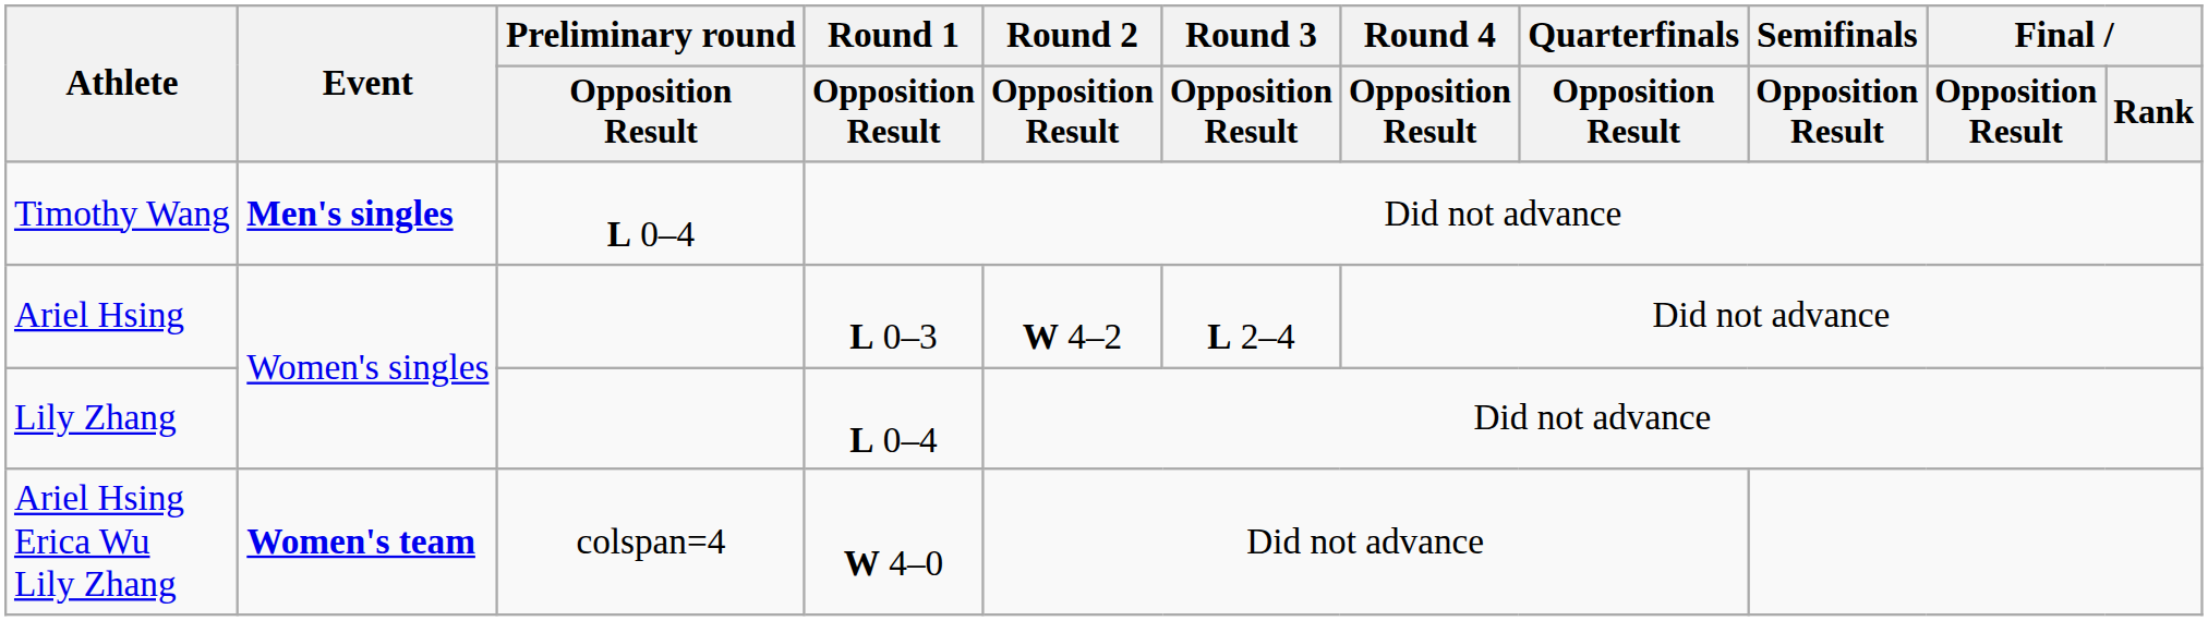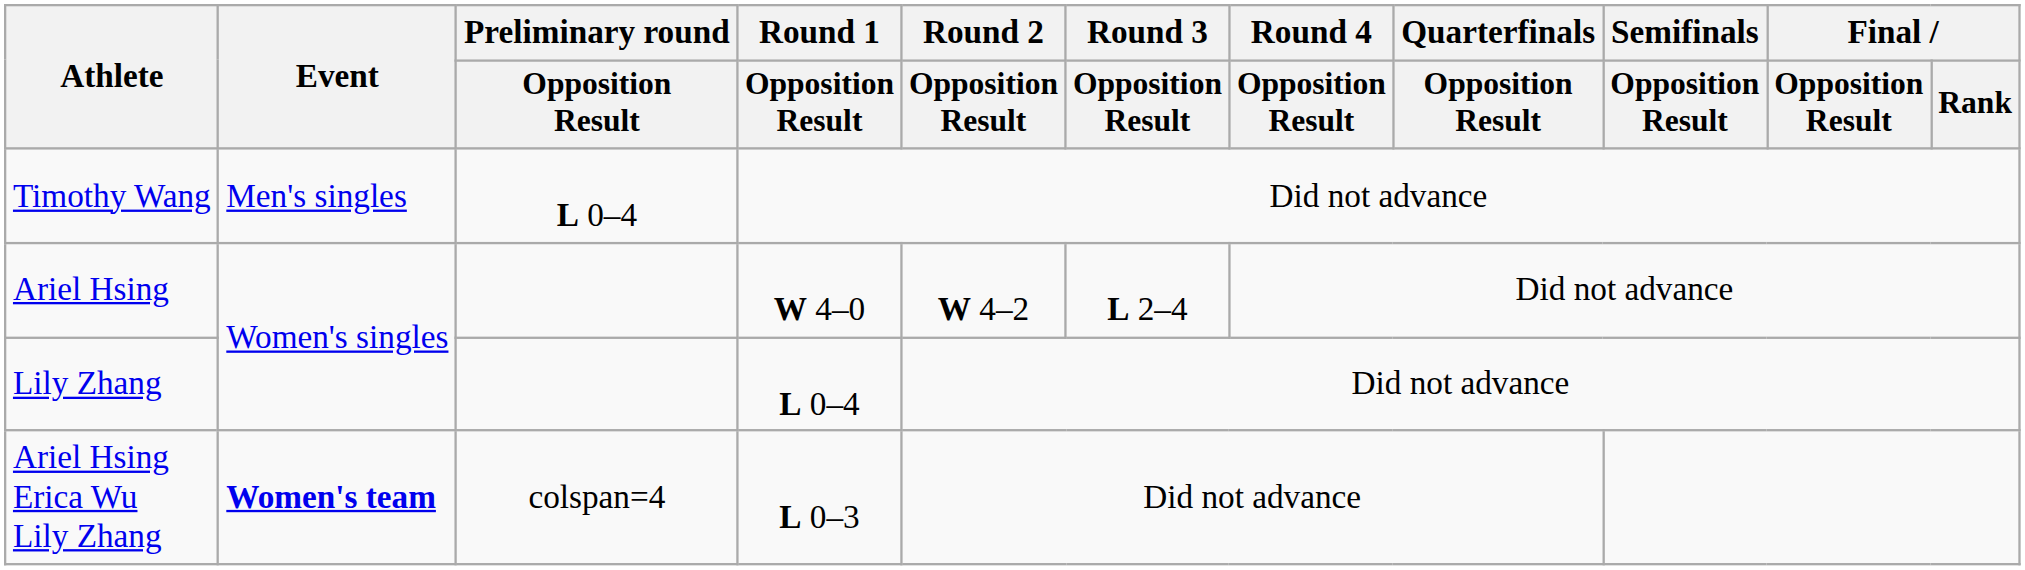 <table class=wikitable style=font-size:90%;text-align:center>
 <tr>
 <th rowspan=2>Athlete</th>
 <th rowspan=2>Event</th>
 <th>Preliminary round</th>
 <th>Round 1</th>
 <th>Round 2</th>
 <th>Round 3</th>
 <th>Round 4</th>
 <th>Quarterfinals</th>
 <th>Semifinals</th>
 <th colspan=2>Final / </th>
 </tr>
 <tr style=font-size:95%>
 <th>Opposition<br>Result</th>
 <th>Opposition<br>Result</th>
 <th>Opposition<br>Result</th>
 <th>Opposition<br>Result</th>
 <th>Opposition<br>Result</th>
 <th>Opposition<br>Result</th>
 <th>Opposition<br>Result</th>
 <th>Opposition<br>Result</th>
 <th>Rank</th>
 </tr>
 <tr>
 <td align=left><a href='#'>Timothy Wang</a></td>
-<td align=left><strong><a href='#'>Men's singles</a></strong></td>
+<td align=left><a href='#'>Men's singles</a></td>
 <td><br><strong>L</strong> 0–4</td>
 <td colspan=8>Did not advance</td>
 </tr>
 <tr>
 <td align=left><a href='#'>Ariel Hsing</a></td>
 <td align=left rowspan=2><a href='#'>Women's singles</a></td>
 <td></td>
-<td><br><strong>L</strong> 0–3</td>
+<td><br><strong>W</strong> 4–0</td>
 <td><br><strong>W</strong> 4–2</td>
 <td><br><strong>L</strong> 2–4</td>
 <td colspan=5>Did not advance</td>
 </tr>
 <tr>
 <td align=left><a href='#'>Lily Zhang</a></td>
 <td></td>
 <td><br><strong>L</strong> 0–4</td>
 <td colspan=7>Did not advance</td>
 </tr>
 <tr>
 <td align=left><a href='#'>Ariel Hsing</a><br><a href='#'>Erica Wu</a><br><a href='#'>Lily Zhang</a></td>
 <td align=left><strong><a href='#'>Women's team</a></strong></td>
 <td>colspan=4 </td>
-<td><br><strong>W</strong> 4–0</td>
+<td><br><strong>L</strong> 0–3</td>
 <td colspan=4>Did not advance</td>
 </tr>
 </table>
